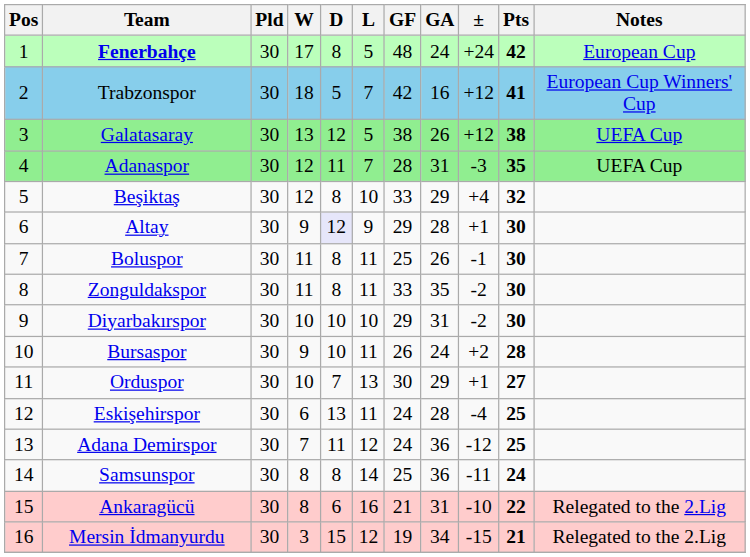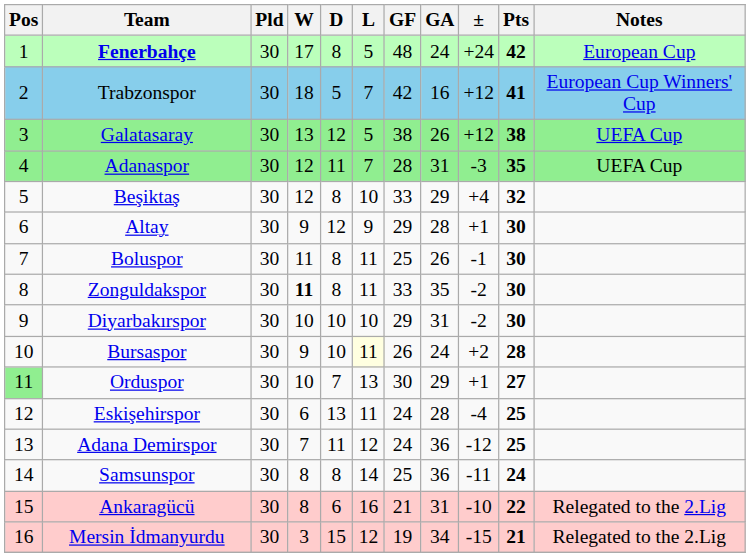 <table class="wikitable sortable" style="text-align: center;">
 <tr>
 <th width=20>Pos</th>
 <th width=185>Team</th>
 <th width=20>Pld</th>
 <th width=20>W</th>
 <th width=20>D</th>
 <th width=20>L</th>
 <th width=20>GF</th>
 <th width=20>GA</th>
 <th width=20>±</th>
 <th width=20>Pts</th>
 <th width=200>Notes</th>
 </tr>
 <tr bgcolor=#bbffbb>
 <td>1</td>
 <td><strong><a href='#'>Fenerbahçe</a></strong></td>
 <td>30</td>
 <td>17</td>
 <td>8</td>
 <td>5</td>
 <td>48</td>
 <td>24</td>
 <td>+24</td>
 <td><strong>42</strong></td>
 <td><a href='#'>European Cup</a></td>
 </tr>
 <tr bgcolor=skyblue>
 <td>2</td>
 <td>Trabzonspor</td>
 <td>30</td>
 <td>18</td>
 <td>5</td>
 <td>7</td>
 <td>42</td>
 <td>16</td>
 <td>+12</td>
 <td><strong>41</strong></td>
 <td><a href='#'>European Cup Winners' Cup</a></td>
 </tr>
 <tr bgcolor=lightgreen>
 <td>3</td>
 <td><a href='#'>Galatasaray</a></td>
 <td>30</td>
 <td>13</td>
 <td>12</td>
 <td>5</td>
 <td>38</td>
 <td>26</td>
 <td>+12</td>
 <td><strong>38</strong></td>
 <td><a href='#'>UEFA Cup</a></td>
 </tr>
 <tr bgcolor=lightgreen>
 <td>4</td>
 <td><a href='#'>Adanaspor</a></td>
 <td>30</td>
 <td>12</td>
 <td>11</td>
 <td>7</td>
 <td>28</td>
 <td>31</td>
 <td>-3</td>
 <td><strong>35</strong></td>
 <td>UEFA Cup</td>
 </tr>
 <tr>
 <td>5</td>
 <td><a href='#'>Beşiktaş</a></td>
 <td>30</td>
 <td>12</td>
 <td>8</td>
 <td>10</td>
 <td>33</td>
 <td>29</td>
 <td>+4</td>
 <td><strong>32</strong></td>
 <td></td>
 </tr>
 <tr>
 <td>6</td>
 <td><a href='#'>Altay</a></td>
 <td>30</td>
 <td>9</td>
-<td style="background: lavender;">12</td>
+<td>12</td>
 <td>9</td>
 <td>29</td>
 <td>28</td>
 <td>+1</td>
 <td><strong>30</strong></td>
 <td></td>
 </tr>
 <tr>
 <td>7</td>
 <td><a href='#'>Boluspor</a></td>
 <td>30</td>
 <td>11</td>
 <td>8</td>
 <td>11</td>
 <td>25</td>
 <td>26</td>
 <td>-1</td>
 <td><strong>30</strong></td>
 <td></td>
 </tr>
 <tr>
 <td>8</td>
 <td><a href='#'>Zonguldakspor</a></td>
 <td>30</td>
-<td>11</td>
+<td><strong>11</strong></td>
 <td>8</td>
 <td>11</td>
 <td>33</td>
 <td>35</td>
 <td>-2</td>
 <td><strong>30</strong></td>
 <td></td>
 </tr>
 <tr>
 <td>9</td>
 <td><a href='#'>Diyarbakırspor</a></td>
 <td>30</td>
 <td>10</td>
 <td>10</td>
 <td>10</td>
 <td>29</td>
 <td>31</td>
 <td>-2</td>
 <td><strong>30</strong></td>
 <td></td>
 </tr>
 <tr>
 <td>10</td>
 <td><a href='#'>Bursaspor</a></td>
 <td>30</td>
 <td>9</td>
 <td>10</td>
-<td>11</td>
+<td style="background: lightyellow;">11</td>
 <td>26</td>
 <td>24</td>
 <td>+2</td>
 <td><strong>28</strong></td>
 <td></td>
 </tr>
 <tr>
-<td>11</td>
+<td style="background: lightgreen;">11</td>
 <td><a href='#'>Orduspor</a></td>
 <td>30</td>
 <td>10</td>
 <td>7</td>
 <td>13</td>
 <td>30</td>
 <td>29</td>
 <td>+1</td>
 <td><strong>27</strong></td>
 <td></td>
 </tr>
 <tr>
 <td>12</td>
 <td><a href='#'>Eskişehirspor</a></td>
 <td>30</td>
 <td>6</td>
 <td>13</td>
 <td>11</td>
 <td>24</td>
 <td>28</td>
 <td>-4</td>
 <td><strong>25</strong></td>
 <td></td>
 </tr>
 <tr>
 <td>13</td>
 <td><a href='#'>Adana Demirspor</a></td>
 <td>30</td>
 <td>7</td>
 <td>11</td>
 <td>12</td>
 <td>24</td>
 <td>36</td>
 <td>-12</td>
 <td><strong>25</strong></td>
 <td></td>
 </tr>
 <tr>
 <td>14</td>
 <td><a href='#'>Samsunspor</a></td>
 <td>30</td>
 <td>8</td>
 <td>8</td>
 <td>14</td>
 <td>25</td>
 <td>36</td>
 <td>-11</td>
 <td><strong>24</strong></td>
 <td></td>
 </tr>
 <tr bgcolor=#FFCCCC>
 <td>15</td>
 <td><a href='#'>Ankaragücü</a></td>
 <td>30</td>
 <td>8</td>
 <td>6</td>
 <td>16</td>
 <td>21</td>
 <td>31</td>
 <td>-10</td>
 <td><strong>22</strong></td>
 <td>Relegated to the <a href='#'>2.Lig</a></td>
 </tr>
 <tr bgcolor=#FFCCCC>
 <td>16</td>
 <td><a href='#'>Mersin İdmanyurdu</a></td>
 <td>30</td>
 <td>3</td>
 <td>15</td>
 <td>12</td>
 <td>19</td>
 <td>34</td>
 <td>-15</td>
 <td><strong>21</strong></td>
 <td>Relegated to the 2.Lig</td>
 </tr>
 <tr>
 </tr>
 </table>
